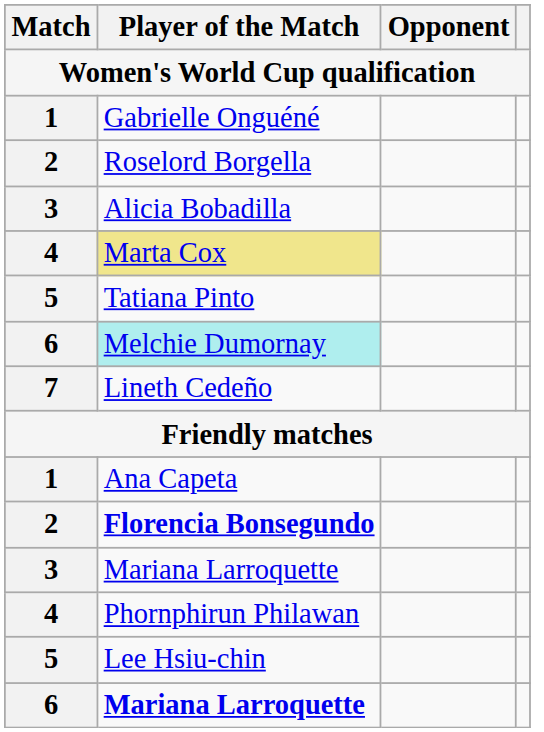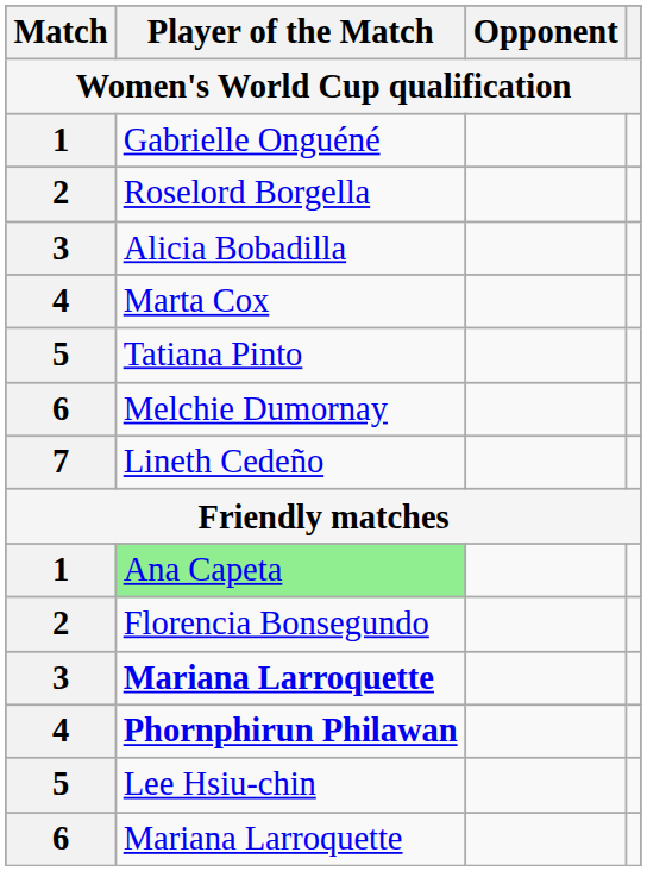 <table class="wikitable">
 <tr>
 <th>Match</th>
 <th>Player of the Match</th>
 <th>Opponent</th>
 <th class="unsortable"></th>
 </tr>
 <tr>
 <td colspan="4" style="text-align:center; background:whitesmoke;"><strong>Women's World Cup qualification</strong></td>
 </tr>
 <tr>
 <th>1</th>
 <td> <a href='#'>Gabrielle Onguéné</a></td>
 <td></td>
 <td style="text-align:center"></td>
 </tr>
 <tr>
 <th>2</th>
 <td> <a href='#'>Roselord Borgella</a></td>
 <td></td>
 <td style="text-align:center"></td>
 </tr>
 <tr>
 <th>3</th>
 <td> <a href='#'>Alicia Bobadilla</a></td>
 <td></td>
 <td style="text-align:center"></td>
 </tr>
 <tr>
 <th>4</th>
-<td style="background: khaki;"> <a href='#'>Marta Cox</a></td>
+<td> <a href='#'>Marta Cox</a></td>
 <td></td>
 <td style="text-align:center"></td>
 </tr>
 <tr>
 <th>5</th>
 <td> <a href='#'>Tatiana Pinto</a></td>
 <td></td>
 <td style="text-align:center"></td>
 </tr>
 <tr>
 <th>6</th>
-<td style="background: paleturquoise;"> <a href='#'>Melchie Dumornay</a></td>
+<td> <a href='#'>Melchie Dumornay</a></td>
 <td></td>
 <td style="text-align:center"></td>
 </tr>
 <tr>
 <th>7</th>
 <td> <a href='#'>Lineth Cedeño</a></td>
 <td></td>
 <td style="text-align:center"></td>
 </tr>
 <tr>
 <td colspan="4" style="text-align:center; background:whitesmoke;"><strong>Friendly matches</strong></td>
 </tr>
 <tr>
 <th>1</th>
-<td> <a href='#'>Ana Capeta</a></td>
+<td style="background: lightgreen;"> <a href='#'>Ana Capeta</a></td>
 <td></td>
 <td style="text-align:center"></td>
 </tr>
 <tr>
 <th>2</th>
-<td><strong> <a href='#'>Florencia Bonsegundo</a></strong></td>
+<td> <a href='#'>Florencia Bonsegundo</a></td>
 <td></td>
 <td style="text-align:center"></td>
 </tr>
 <tr>
 <th>3</th>
-<td> <a href='#'>Mariana Larroquette</a></td>
+<td><strong> <a href='#'>Mariana Larroquette</a></strong></td>
 <td> </td>
 <td style="text-align:center"></td>
 </tr>
 <tr>
 <th>4</th>
-<td> <a href='#'>Phornphirun Philawan</a></td>
+<td><strong> <a href='#'>Phornphirun Philawan</a></strong></td>
 <td></td>
 <td style="text-align:center"></td>
 </tr>
 <tr>
 <th>5</th>
 <td> <a href='#'>Lee Hsiu-chin</a></td>
 <td></td>
 <td style="text-align:center"></td>
 </tr>
 <tr>
 <th>6</th>
-<td><strong> <a href='#'>Mariana Larroquette</a></strong></td>
+<td> <a href='#'>Mariana Larroquette</a></td>
 <td> </td>
 <td style="text-align:center"></td>
 </tr>
 </table>
